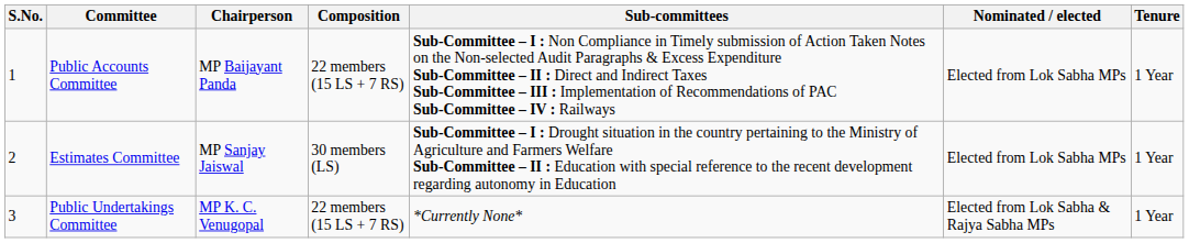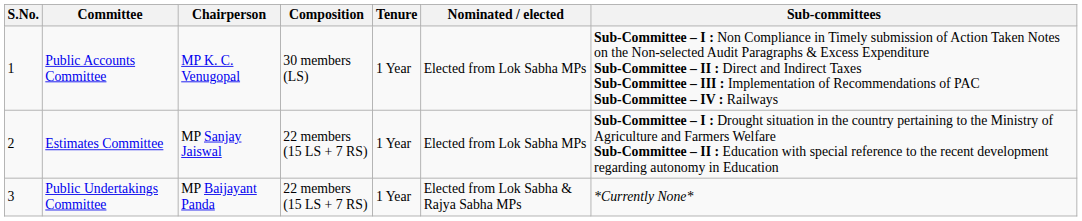 <table class="wikitable sortable">
 <tr>
 <th>S.No.</th>
 <th>Committee</th>
 <th>Chairperson</th>
 <th>Composition</th>
+<th>Tenure</th>
+<th>Nominated / elected</th>
 <th>Sub-committees</th>
-<th>Nominated / elected</th>
-<th>Tenure</th>
 </tr>
 <tr>
 <td>1</td>
 <td><a href='#'>Public Accounts Committee</a></td>
-<td>MP <a href='#'>Baijayant Panda</a></td>
-<td>22 members<br>(15 LS + 7 RS)</td>
+<td><a href='#'>MP K. C. Venugopal</a></td>
+<td>30 members (LS)</td>
+<td>1 Year</td>
+<td>Elected from Lok Sabha MPs</td>
 <td><strong>Sub-Committee – I :</strong> Non Compliance in Timely submission of Action Taken Notes on the Non-selected Audit Paragraphs & Excess Expenditure<br><strong>Sub-Committee – II :</strong> Direct and Indirect Taxes<br> <strong>Sub-Committee – III :</strong> Implementation of Recommendations of PAC<br> <strong>Sub-Committee – IV :</strong> Railways</td>
-<td>Elected from Lok Sabha MPs</td>
-<td>1 Year</td>
 </tr>
 <tr>
 <td>2</td>
 <td><a href='#'>Estimates Committee</a></td>
 <td>MP <a href='#'>Sanjay Jaiswal</a></td>
-<td>30 members (LS)</td>
+<td>22 members<br>(15 LS + 7 RS)</td>
+<td>1 Year</td>
+<td>Elected from Lok Sabha MPs</td>
 <td><strong>Sub-Committee – I :</strong> Drought situation in the country pertaining to the Ministry of Agriculture and Farmers Welfare<br><strong>Sub-Committee – II :</strong> Education with special reference to the recent development regarding autonomy in Education</td>
-<td>Elected from Lok Sabha MPs</td>
-<td>1 Year</td>
 </tr>
 <tr>
 <td>3</td>
 <td><a href='#'>Public Undertakings Committee</a></td>
-<td><a href='#'>MP K. C. Venugopal</a></td>
+<td>MP <a href='#'>Baijayant Panda</a></td>
 <td>22 members<br>(15 LS + 7 RS)</td>
+<td>1 Year</td>
+<td>Elected from Lok Sabha & Rajya Sabha MPs</td>
 <td><em>*Currently None*</em></td>
-<td>Elected from Lok Sabha & Rajya Sabha MPs</td>
-<td>1 Year</td>
 </tr>
 </table>
